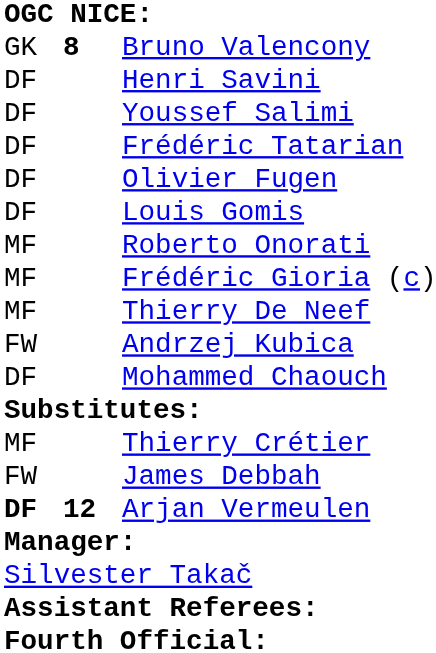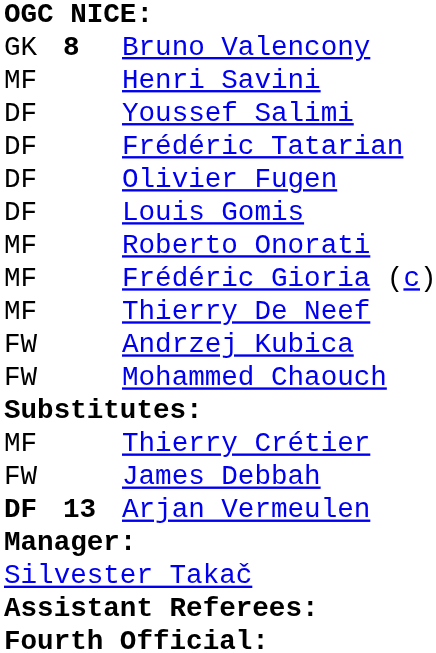 <table style=font-size:90% cellspacing=0 cellpadding=0>
 <tr>
 <td colspan=4><strong>OGC NICE:</strong></td>
 </tr>
 <tr>
 <th width=25></th>
 <th width=25></th>
 </tr>
 <tr>
 <td>GK</td>
 <td><strong>8</strong></td>
 <td> <a href='#'>Bruno Valencony</a></td>
 </tr>
 <tr>
-<td>DF</td>
+<td>MF</td>
 <td><strong> </strong></td>
 <td> <a href='#'>Henri Savini</a></td>
 <td></td>
 <td></td>
 </tr>
 <tr>
 <td>DF</td>
 <td><strong> </strong></td>
 <td> <a href='#'>Youssef Salimi</a></td>
 </tr>
 <tr>
 <td>DF</td>
 <td><strong> </strong></td>
 <td> <a href='#'>Frédéric Tatarian</a></td>
 </tr>
 <tr>
 <td>DF</td>
 <td><strong> </strong></td>
 <td> <a href='#'>Olivier Fugen</a></td>
 <td></td>
 <td></td>
 </tr>
 <tr>
 <td>DF</td>
 <td><strong> </strong></td>
 <td> <a href='#'>Louis Gomis</a></td>
 </tr>
 <tr>
 <td>MF</td>
 <td><strong> </strong></td>
 <td> <a href='#'>Roberto Onorati</a></td>
 </tr>
 <tr>
 <td>MF</td>
 <td><strong> </strong></td>
 <td> <a href='#'>Frédéric Gioria</a> (<a href='#'>c</a>)</td>
 </tr>
 <tr>
 <td>MF</td>
 <td><strong> </strong></td>
 <td> <a href='#'>Thierry De Neef</a></td>
 </tr>
 <tr>
 <td>FW</td>
 <td><strong> </strong></td>
 <td> <a href='#'>Andrzej Kubica</a></td>
 </tr>
 <tr>
-<td>DF</td>
+<td>FW</td>
 <td><strong> </strong></td>
 <td> <a href='#'>Mohammed Chaouch</a></td>
 <td></td>
 <td></td>
 </tr>
 <tr>
 <td colspan=3><strong>Substitutes:</strong></td>
 </tr>
 <tr>
 <td>MF</td>
 <td><strong> </strong></td>
 <td> <a href='#'>Thierry Crétier</a></td>
 <td></td>
 <td></td>
 </tr>
 <tr>
 <td>FW</td>
 <td><strong> </strong></td>
 <td> <a href='#'>James Debbah</a></td>
 <td></td>
 <td></td>
 </tr>
 <tr>
 <td><strong>DF</strong></td>
-<td><strong>12</strong></td>
+<td><strong>13</strong></td>
 <td> <a href='#'>Arjan Vermeulen</a></td>
 <td></td>
 <td></td>
 </tr>
 <tr>
 <td colspan=3><strong>Manager:</strong></td>
 </tr>
 <tr>
 <td colspan=4> <a href='#'>Silvester Takač</a><br><strong>Assistant Referees:</strong><br> <strong>Fourth Official:</strong><br></td>
 </tr>
 </table>
